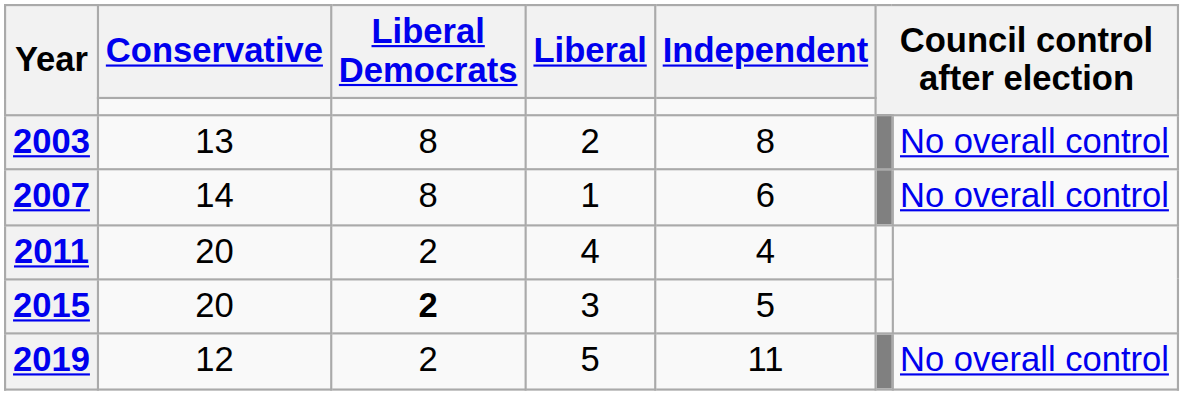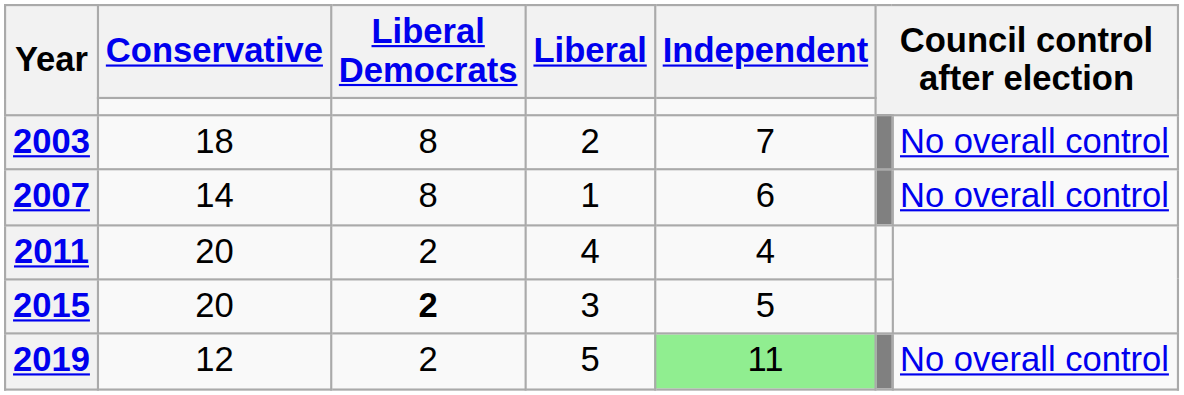 <table class="wikitable plainrowheaders" style="text-align:center">
 <tr>
 <th scope="col" rowspan="2">Year</th>
 <th scope="col"><a href='#'>Conservative</a></th>
 <th scope="col" style="width:1px"><a href='#'>Liberal Democrats</a></th>
 <th scope="col"><a href='#'>Liberal</a></th>
 <th scope="col"><a href='#'>Independent</a></th>
 <th scope="col" rowspan="2" colspan="2">Council control<br>after election</th>
 </tr>
 <tr>
 <td style="background:"></td>
 <td style="background:"></td>
 <td style="background:"></td>
 <td style="background:"></td>
 </tr>
 <tr>
 <th scope="row"><a href='#'>2003</a></th>
-<td>13</td>
+<td>18</td>
 <td>8</td>
 <td>2</td>
-<td>8</td>
+<td>7</td>
 <td bgcolor=grey></td>
 <td><a href='#'>No overall control</a></td>
 </tr>
 <tr>
 <th scope="row"><a href='#'>2007</a></th>
 <td>14</td>
 <td>8</td>
 <td>1</td>
 <td>6</td>
 <td bgcolor=grey></td>
 <td><a href='#'>No overall control</a></td>
 </tr>
 <tr>
 <th scope="row"><a href='#'>2011</a></th>
 <td>20</td>
 <td>2</td>
 <td>4</td>
 <td>4</td>
 <td></td>
 </tr>
 <tr>
 <th scope="row"><a href='#'>2015</a></th>
 <td>20</td>
 <td><strong>2</strong></td>
 <td>3</td>
 <td>5</td>
 <td></td>
 </tr>
 <tr>
 <th scope="row"><a href='#'>2019</a></th>
 <td>12</td>
 <td>2</td>
 <td>5</td>
-<td>11</td>
+<td style="background: lightgreen;">11</td>
 <td bgcolor=grey></td>
 <td><a href='#'>No overall control</a></td>
 </tr>
 </table>
